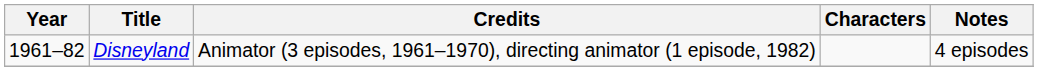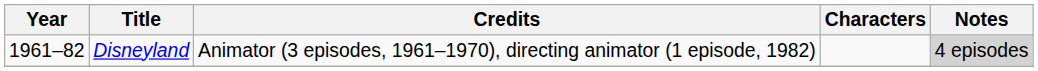 <table class="wikitable sortable">
 <tr>
 <th>Year</th>
 <th>Title</th>
 <th>Credits</th>
 <th>Characters</th>
 <th>Notes</th>
 </tr>
 <tr>
 <td>1961–82</td>
 <td><em><a href='#'>Disneyland</a></em></td>
 <td>Animator (3 episodes, 1961–1970), directing animator (1 episode, 1982)</td>
 <td></td>
-<td>4 episodes</td>
+<td style="background: lightgrey;">4 episodes</td>
 </tr>
 <tr>
 </tr>
 </table>
